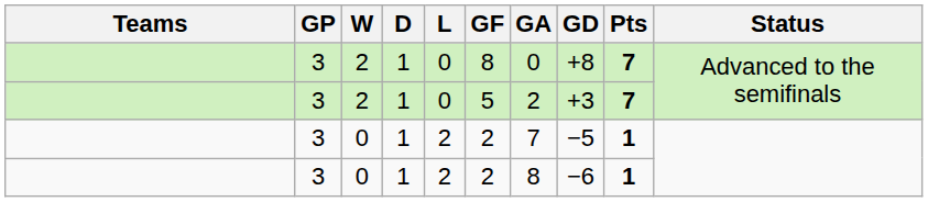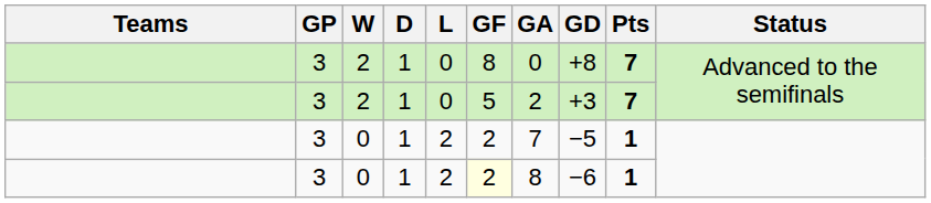 <table class="wikitable" style="text-align:center">
 <tr>
 <th width=185>Teams</th>
 <th width=20>GP</th>
 <th width=20>W</th>
 <th width=20>D</th>
 <th width=20>L</th>
 <th width=20>GF</th>
 <th width=20>GA</th>
 <th width=20>GD</th>
 <th width=20>Pts</th>
 <th width=171>Status</th>
 </tr>
 <tr bgcolor="#D0F0C0">
 <td style="text-align:left;"></td>
 <td>3</td>
 <td>2</td>
 <td>1</td>
 <td>0</td>
 <td>8</td>
 <td>0</td>
 <td>+8</td>
 <td><strong>7</strong></td>
 <td rowspan=2>Advanced to the semifinals</td>
 </tr>
 <tr bgcolor="#D0F0C0">
 <td style="text-align:left;"></td>
 <td>3</td>
 <td>2</td>
 <td>1</td>
 <td>0</td>
 <td>5</td>
 <td>2</td>
 <td>+3</td>
 <td><strong>7</strong></td>
 </tr>
 <tr>
 <td style="text-align:left;"></td>
 <td>3</td>
 <td>0</td>
 <td>1</td>
 <td>2</td>
 <td>2</td>
 <td>7</td>
 <td>−5</td>
 <td><strong>1</strong></td>
 </tr>
 <tr>
 <td style="text-align:left;"></td>
 <td>3</td>
 <td>0</td>
 <td>1</td>
 <td>2</td>
-<td>2</td>
+<td style="background: lightyellow;">2</td>
 <td>8</td>
 <td>−6</td>
 <td><strong>1</strong></td>
 </tr>
 </table>
